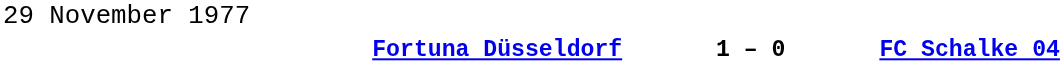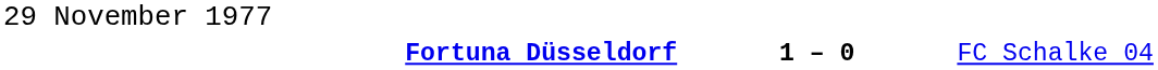 <table width=100% cellspacing=1>
 <tr>
 <th width=25%></th>
 <th width=10%></th>
 <th width=25%></th>
 <th></th>
 </tr>
 <tr>
 <td>29 November 1977</td>
 </tr>
 <tr style=font-size:90%>
 <td align=right><strong><a href='#'>Fortuna Düsseldorf</a></strong></td>
 <td align=center><strong>1 – 0</strong></td>
-<td><strong><a href='#'>FC Schalke 04</a></strong></td>
+<td><a href='#'>FC Schalke 04</a></td>
 </tr>
 </table>
